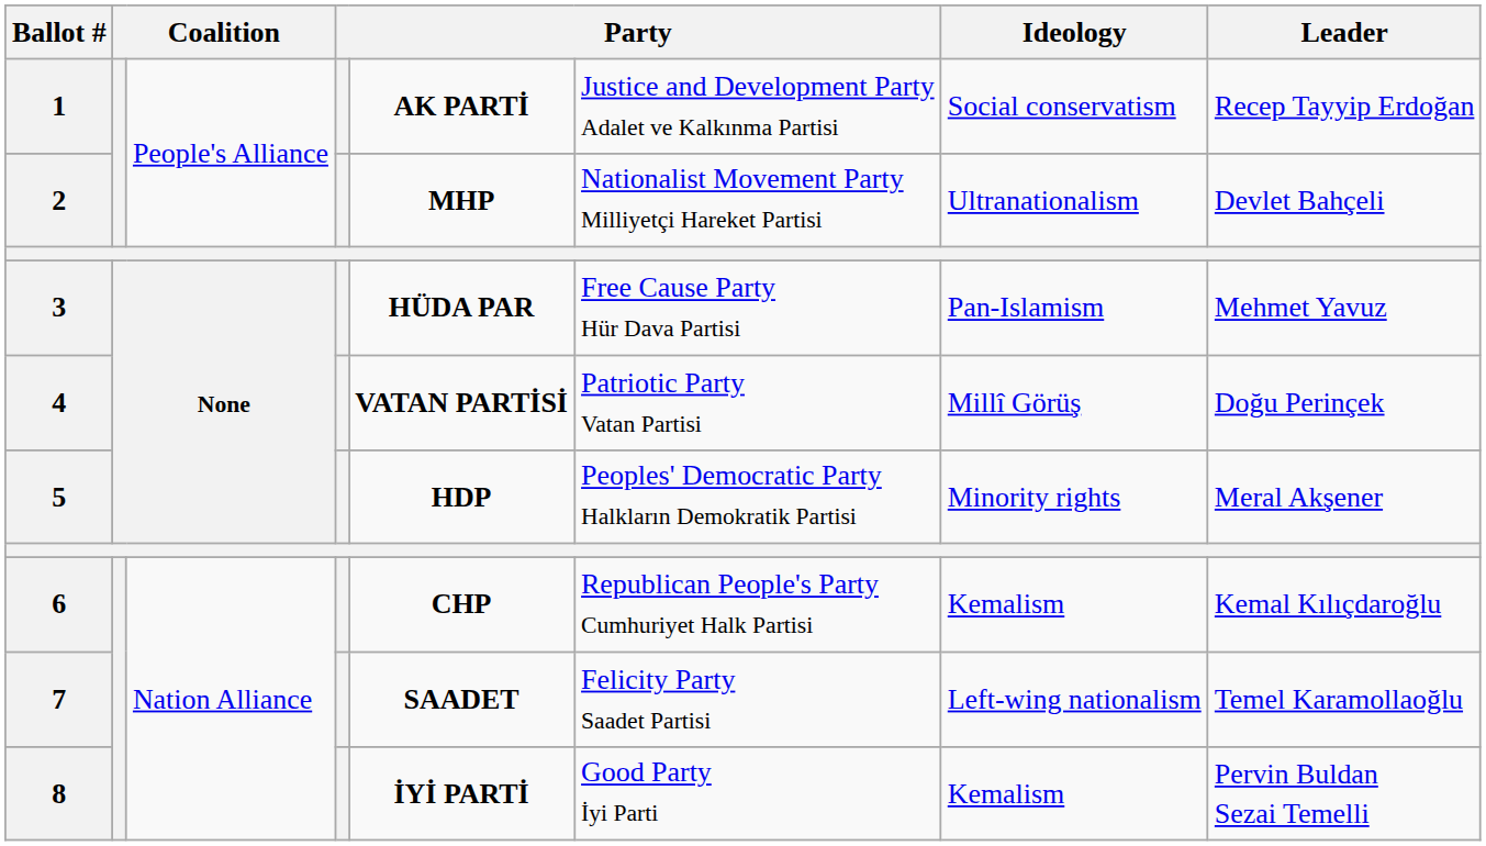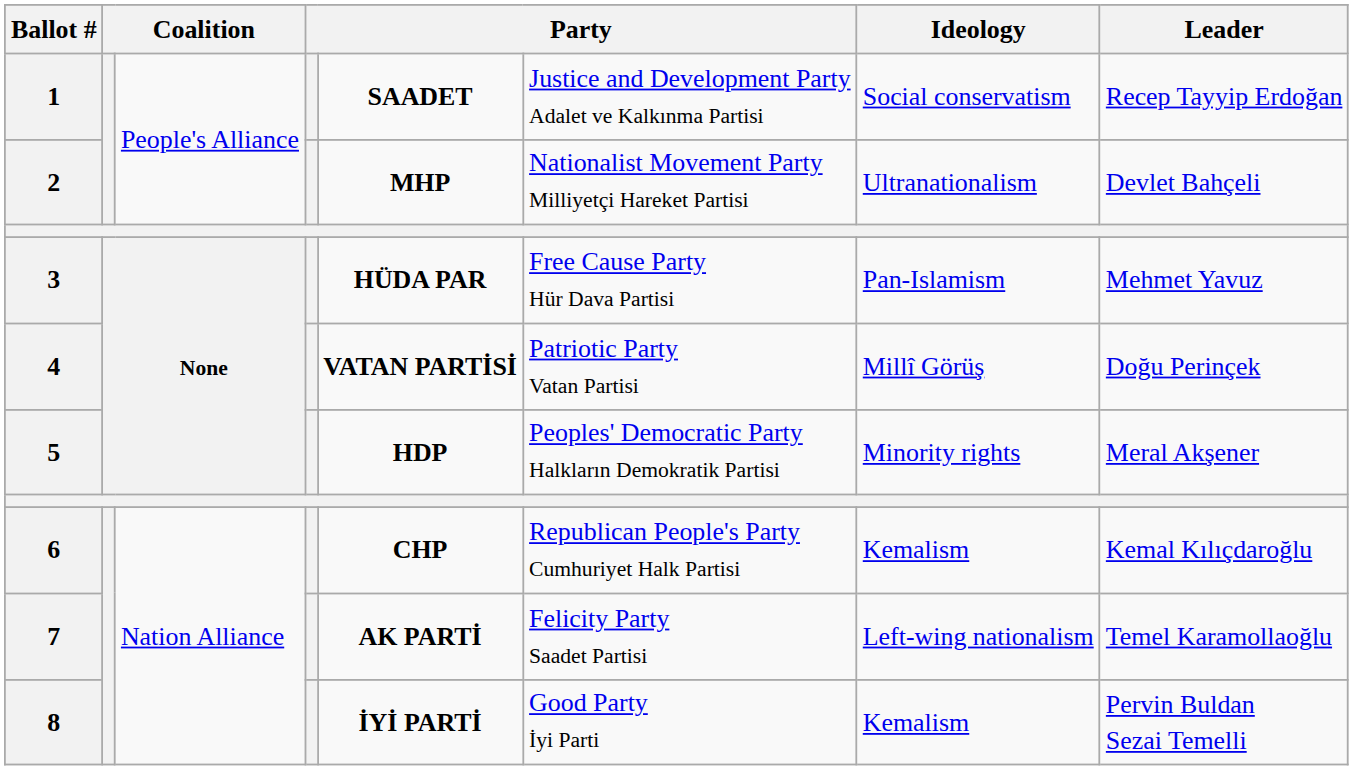 <table class="wikitable" style="text-align:left; font-size:90%; line-height:20px;">
 <tr>
 <th>Ballot #</th>
 <th colspan=2>Coalition</th>
 <th colspan="3">Party</th>
 <th>Ideology</th>
 <th>Leader</th>
 </tr>
 <tr>
 <th>1</th>
 <th rowspan=2 style="background:"></th>
 <td rowspan=2><a href='#'>People's Alliance</a></td>
 <th style="background:"></th>
-<td style="text-align:center;"><strong>AK PARTİ</strong></td>
+<td style="text-align:center;"><strong>SAADET</strong></td>
 <td><a href='#'>Justice and Development Party</a><br><small>Adalet ve Kalkınma Partisi</small></td>
 <td><a href='#'>Social conservatism</a></td>
 <td><a href='#'>Recep Tayyip Erdoğan</a></td>
 </tr>
 <tr>
 <th>2</th>
 <th style="background:"></th>
 <td style="text-align:center;"><strong>MHP</strong></td>
 <td><a href='#'>Nationalist Movement Party</a><br><small>Milliyetçi Hareket Partisi</small></td>
 <td><a href='#'>Ultranationalism</a></td>
 <td><a href='#'>Devlet Bahçeli</a></td>
 </tr>
 <tr>
 <th colspan = 8></th>
 </tr>
 <tr>
 <th>3</th>
 <th colspan=2 rowspan=3><small>None</small></th>
 <th style="background:"></th>
 <td style="text-align:center;"><strong>HÜDA PAR</strong></td>
 <td><a href='#'>Free Cause Party</a><br><small>Hür Dava Partisi</small></td>
 <td><a href='#'>Pan-Islamism</a></td>
 <td><a href='#'>Mehmet Yavuz</a></td>
 </tr>
 <tr>
 <th>4</th>
 <th style="background:"></th>
 <td style="text-align:center;"><strong>VATAN PARTİSİ</strong></td>
 <td><a href='#'>Patriotic Party</a><br><small>Vatan Partisi</small></td>
 <td><a href='#'>Millî Görüş</a></td>
 <td><a href='#'>Doğu Perinçek</a></td>
 </tr>
 <tr>
 <th>5</th>
 <th style="background:"></th>
 <td style="text-align:center;"><strong>HDP</strong></td>
 <td><a href='#'>Peoples' Democratic Party</a><br><small>Halkların Demokratik Partisi</small></td>
 <td><a href='#'>Minority rights</a></td>
 <td><a href='#'>Meral Akşener</a></td>
 </tr>
 <tr>
 <th colspan = 8></th>
 </tr>
 <tr>
 <th>6</th>
 <th rowspan=3 style="background:"></th>
 <td rowspan=3><a href='#'>Nation Alliance</a></td>
 <th style="background:"></th>
 <td style="text-align:center;"><strong>CHP</strong></td>
 <td><a href='#'>Republican People's Party</a><br><small>Cumhuriyet Halk Partisi</small></td>
 <td><a href='#'>Kemalism</a></td>
 <td><a href='#'>Kemal Kılıçdaroğlu</a></td>
 </tr>
 <tr>
 <th>7</th>
 <th style="background:"></th>
-<td style="text-align:center;"><strong>SAADET</strong></td>
+<td style="text-align:center;"><strong>AK PARTİ</strong></td>
 <td><a href='#'>Felicity Party</a><br><small>Saadet Partisi</small></td>
 <td><a href='#'>Left-wing nationalism</a></td>
 <td><a href='#'>Temel Karamollaoğlu</a></td>
 </tr>
 <tr>
 <th>8</th>
 <th style="background:"></th>
 <td style="text-align:center;"><strong>İYİ PARTİ</strong></td>
 <td><a href='#'>Good Party</a><br><small>İyi Parti</small></td>
 <td><a href='#'>Kemalism</a></td>
 <td><a href='#'>Pervin Buldan</a><br><a href='#'>Sezai Temelli</a></td>
 </tr>
 </table>
